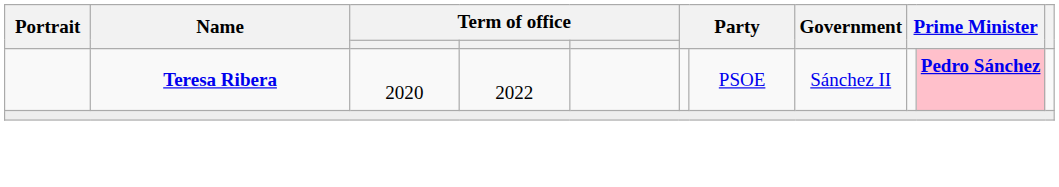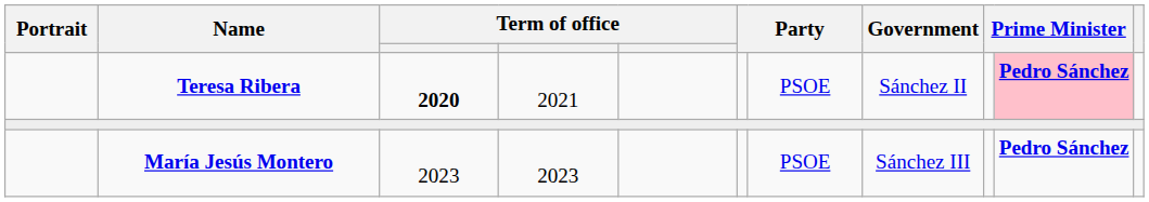 <table class="wikitable" style="line-height:1.4em; text-align:center; border:1px #aaf solid;">
 <tr>
 <th rowspan="2" width="65">Portrait</th>
 <th rowspan="2" width="210">Name<br></th>
 <th colspan="3">Term of office</th>
 <th rowspan="2" colspan="2" width="90">Party</th>
 <th rowspan="2">Government</th>
 <th rowspan="2" colspan="2"><a href='#'>Prime Minister</a><br></th>
 <th rowspan="2"></th>
 </tr>
 <tr>
 <th width="85"></th>
 <th width="85"></th>
 <th width="85"></th>
 </tr>
 <tr>
 <td></td>
 <td><strong><a href='#'>Teresa Ribera</a></strong><br></td>
-<td class="nowrap"><br>2020</td>
-<td class="nowrap"><br>2022</td>
+<td class="nowrap"><strong><br>2020</strong></td>
+<td class="nowrap"><br>2021</td>
 <td style="font-size:95%;"></td>
 <td width="1" style="color:inherit;background:"></td>
 <td><a href='#'>PSOE</a></td>
 <td><a href='#'>Sánchez II</a></td>
 <td width="1" style="color:inherit;background:"></td>
 <td style="background: pink;"><strong><a href='#'>Pedro Sánchez</a></strong><br><br></td>
 <td align="center"><br></td>
 </tr>
 <tr>
 <td colspan="11" style="background:#EEEEEE;"></td>
 </tr>
+<tr>
+<td></td>
+<td><strong><a href='#'>María Jesús Montero</a></strong><br></td>
+<td class="nowrap"><br>2023</td>
+<td class="nowrap"><br>2023</td>
+<td style="font-size:95%;"></td>
+<td style="color:inherit;background:"></td>
+<td><a href='#'>PSOE</a></td>
+<td><a href='#'>Sánchez III</a></td>
+<td style="color:inherit;background:"></td>
+<td><strong><a href='#'>Pedro Sánchez</a></strong><br><br></td>
+<td align="center"><br></td>
+</tr>
 </table>
